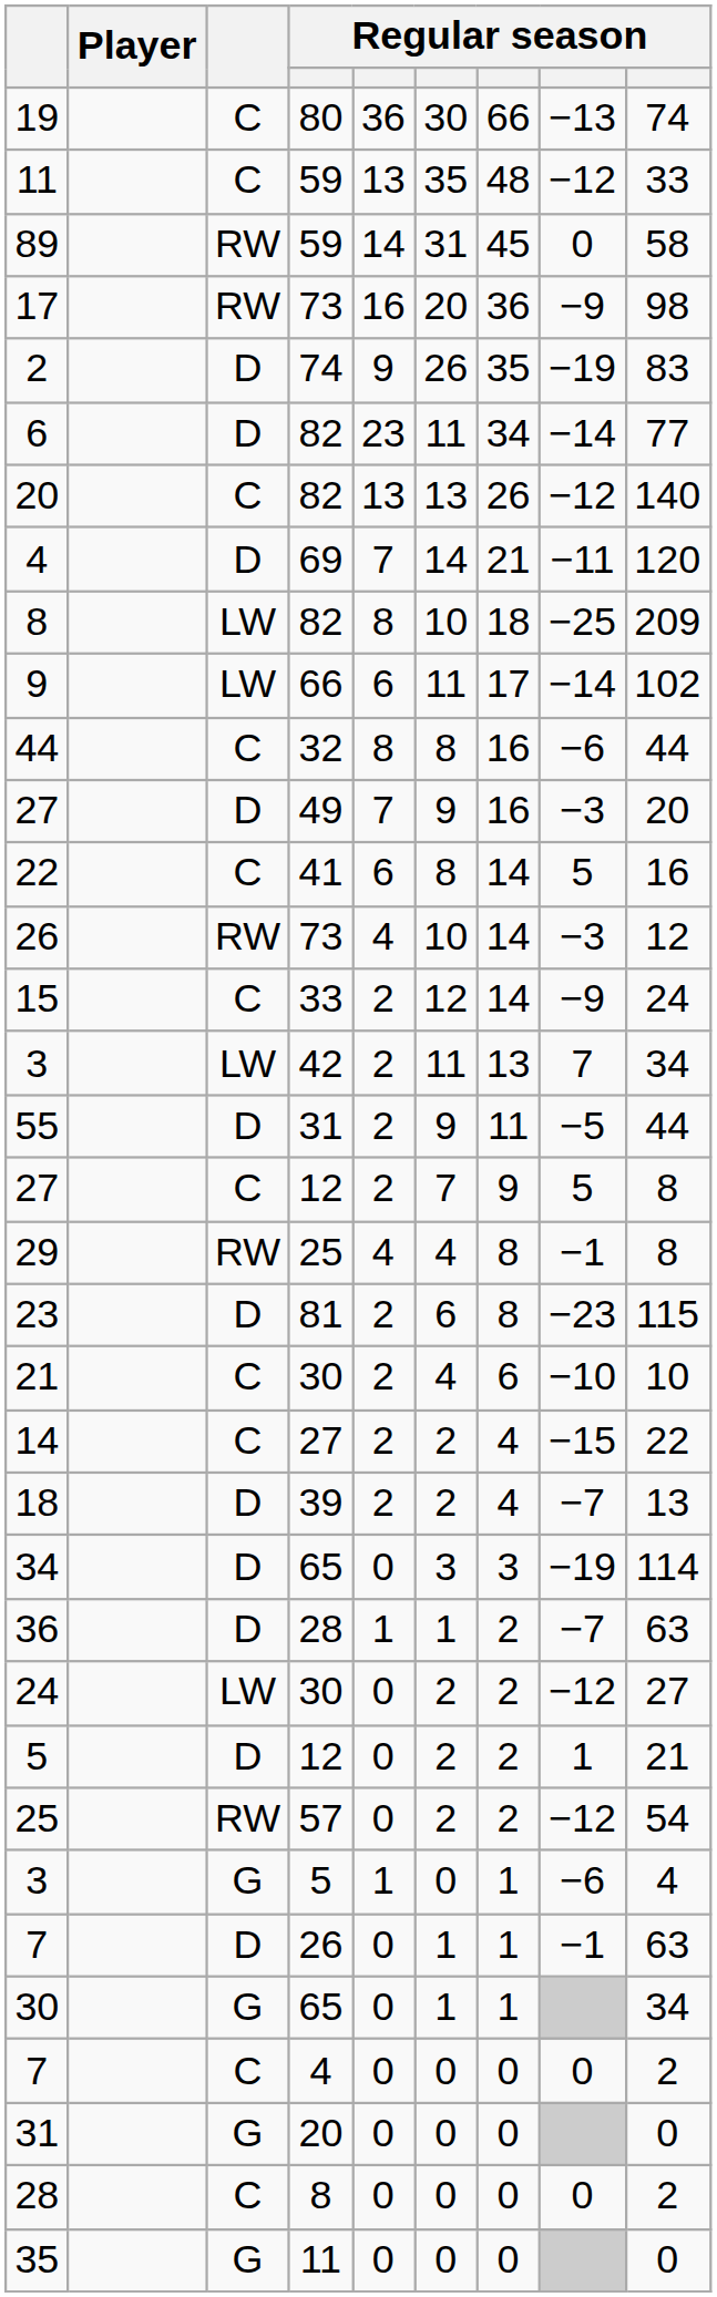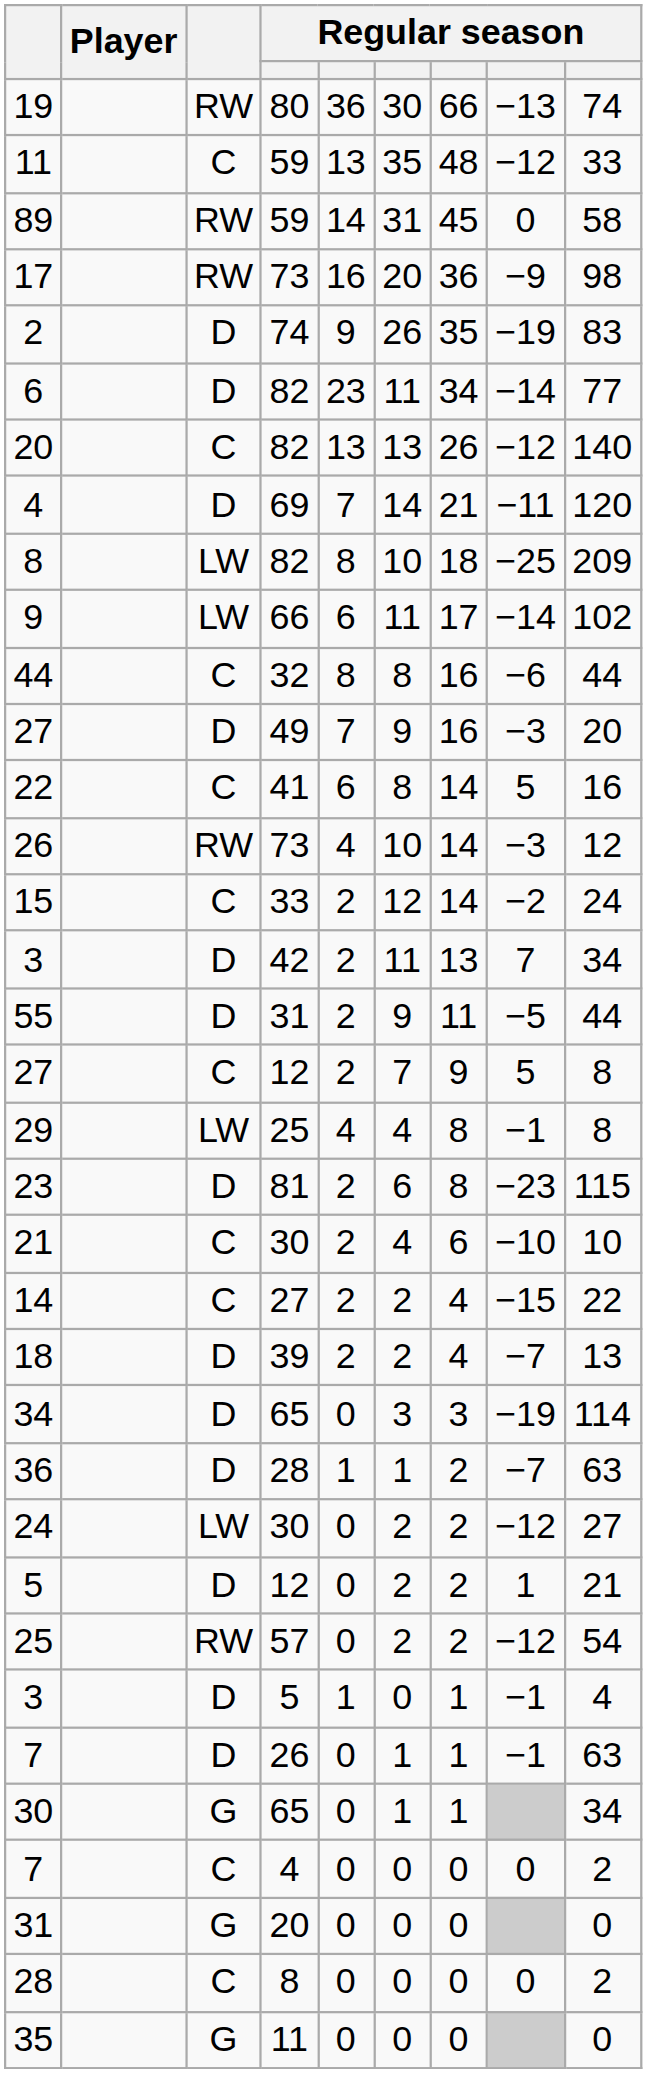 <table class="wikitable sortable plainrowheaders" style="text-align:center;">
 <tr>
 <th scope="col" data-sort-type="number" rowspan="2"></th>
 <th scope="col" rowspan="2">Player</th>
 <th scope="col" rowspan="2"></th>
 <th scope=colgroup colspan=6>Regular season</th>
 </tr>
 <tr>
 <th scope="col" data-sort-type="number"></th>
 <th scope="col" data-sort-type="number"></th>
 <th scope="col" data-sort-type="number"></th>
 <th scope="col" data-sort-type="number"></th>
 <th scope="col" data-sort-type="number"></th>
 <th scope="col" data-sort-type="number"></th>
 </tr>
 <tr>
 <td scope="row">19</td>
 <td align="left"></td>
-<td>C</td>
+<td>RW</td>
 <td>80</td>
 <td>36</td>
 <td>30</td>
 <td>66</td>
 <td>−13</td>
 <td>74</td>
 </tr>
 <tr>
 <td scope="row">11</td>
 <td align="left"></td>
 <td>C</td>
 <td>59</td>
 <td>13</td>
 <td>35</td>
 <td>48</td>
 <td>−12</td>
 <td>33</td>
 </tr>
 <tr>
 <td scope="row">89</td>
 <td align="left"></td>
 <td>RW</td>
 <td>59</td>
 <td>14</td>
 <td>31</td>
 <td>45</td>
 <td>0</td>
 <td>58</td>
 </tr>
 <tr>
 <td scope="row">17</td>
 <td align="left"></td>
 <td>RW</td>
 <td>73</td>
 <td>16</td>
 <td>20</td>
 <td>36</td>
 <td>−9</td>
 <td>98</td>
 </tr>
 <tr>
 <td scope="row">2</td>
 <td align="left"></td>
 <td>D</td>
 <td>74</td>
 <td>9</td>
 <td>26</td>
 <td>35</td>
 <td>−19</td>
 <td>83</td>
 </tr>
 <tr>
 <td scope="row">6</td>
 <td align="left"></td>
 <td>D</td>
 <td>82</td>
 <td>23</td>
 <td>11</td>
 <td>34</td>
 <td>−14</td>
 <td>77</td>
 </tr>
 <tr>
 <td scope="row">20</td>
 <td align="left"></td>
 <td>C</td>
 <td>82</td>
 <td>13</td>
 <td>13</td>
 <td>26</td>
 <td>−12</td>
 <td>140</td>
 </tr>
 <tr>
 <td scope="row">4</td>
 <td align="left"></td>
 <td>D</td>
 <td>69</td>
 <td>7</td>
 <td>14</td>
 <td>21</td>
 <td>−11</td>
 <td>120</td>
 </tr>
 <tr>
 <td scope="row">8</td>
 <td align="left"></td>
 <td>LW</td>
 <td>82</td>
 <td>8</td>
 <td>10</td>
 <td>18</td>
 <td>−25</td>
 <td>209</td>
 </tr>
 <tr>
 <td scope="row">9</td>
 <td align="left"></td>
 <td>LW</td>
 <td>66</td>
 <td>6</td>
 <td>11</td>
 <td>17</td>
 <td>−14</td>
 <td>102</td>
 </tr>
 <tr>
 <td scope="row">44</td>
 <td align="left"></td>
 <td>C</td>
 <td>32</td>
 <td>8</td>
 <td>8</td>
 <td>16</td>
 <td>−6</td>
 <td>44</td>
 </tr>
 <tr>
 <td scope="row">27</td>
 <td align="left"></td>
 <td>D</td>
 <td>49</td>
 <td>7</td>
 <td>9</td>
 <td>16</td>
 <td>−3</td>
 <td>20</td>
 </tr>
 <tr>
 <td scope="row">22</td>
 <td align="left"></td>
 <td>C</td>
 <td>41</td>
 <td>6</td>
 <td>8</td>
 <td>14</td>
 <td>5</td>
 <td>16</td>
 </tr>
 <tr>
 <td scope="row">26</td>
 <td align="left"></td>
 <td>RW</td>
 <td>73</td>
 <td>4</td>
 <td>10</td>
 <td>14</td>
 <td>−3</td>
 <td>12</td>
 </tr>
 <tr>
 <td scope="row">15</td>
 <td align="left"></td>
 <td>C</td>
 <td>33</td>
 <td>2</td>
 <td>12</td>
 <td>14</td>
-<td>−9</td>
+<td>−2</td>
 <td>24</td>
 </tr>
 <tr>
 <td scope="row">3</td>
 <td align="left"></td>
-<td>LW</td>
+<td>D</td>
 <td>42</td>
 <td>2</td>
 <td>11</td>
 <td>13</td>
 <td>7</td>
 <td>34</td>
 </tr>
 <tr>
 <td scope="row">55</td>
 <td align="left"></td>
 <td>D</td>
 <td>31</td>
 <td>2</td>
 <td>9</td>
 <td>11</td>
 <td>−5</td>
 <td>44</td>
 </tr>
 <tr>
 <td scope="row">27</td>
 <td align="left"></td>
 <td>C</td>
 <td>12</td>
 <td>2</td>
 <td>7</td>
 <td>9</td>
 <td>5</td>
 <td>8</td>
 </tr>
 <tr>
 <td scope="row">29</td>
 <td align="left"></td>
-<td>RW</td>
+<td>LW</td>
 <td>25</td>
 <td>4</td>
 <td>4</td>
 <td>8</td>
 <td>−1</td>
 <td>8</td>
 </tr>
 <tr>
 <td scope="row">23</td>
 <td align="left"></td>
 <td>D</td>
 <td>81</td>
 <td>2</td>
 <td>6</td>
 <td>8</td>
 <td>−23</td>
 <td>115</td>
 </tr>
 <tr>
 <td scope="row">21</td>
 <td align="left"></td>
 <td>C</td>
 <td>30</td>
 <td>2</td>
 <td>4</td>
 <td>6</td>
 <td>−10</td>
 <td>10</td>
 </tr>
 <tr>
 <td scope="row">14</td>
 <td align="left"></td>
 <td>C</td>
 <td>27</td>
 <td>2</td>
 <td>2</td>
 <td>4</td>
 <td>−15</td>
 <td>22</td>
 </tr>
 <tr>
 <td scope="row">18</td>
 <td align="left"></td>
 <td>D</td>
 <td>39</td>
 <td>2</td>
 <td>2</td>
 <td>4</td>
 <td>−7</td>
 <td>13</td>
 </tr>
 <tr>
 <td scope="row">34</td>
 <td align="left"></td>
 <td>D</td>
 <td>65</td>
 <td>0</td>
 <td>3</td>
 <td>3</td>
 <td>−19</td>
 <td>114</td>
 </tr>
 <tr>
 <td scope="row">36</td>
 <td align="left"></td>
 <td>D</td>
 <td>28</td>
 <td>1</td>
 <td>1</td>
 <td>2</td>
 <td>−7</td>
 <td>63</td>
 </tr>
 <tr>
 <td scope="row">24</td>
 <td align="left"></td>
 <td>LW</td>
 <td>30</td>
 <td>0</td>
 <td>2</td>
 <td>2</td>
 <td>−12</td>
 <td>27</td>
 </tr>
 <tr>
 <td scope="row">5</td>
 <td align="left"></td>
 <td>D</td>
 <td>12</td>
 <td>0</td>
 <td>2</td>
 <td>2</td>
 <td>1</td>
 <td>21</td>
 </tr>
 <tr>
 <td scope="row">25</td>
 <td align="left"></td>
 <td>RW</td>
 <td>57</td>
 <td>0</td>
 <td>2</td>
 <td>2</td>
 <td>−12</td>
 <td>54</td>
 </tr>
 <tr>
 <td scope="row">3</td>
 <td align="left"></td>
-<td>G</td>
+<td>D</td>
 <td>5</td>
 <td>1</td>
 <td>0</td>
 <td>1</td>
-<td>−6</td>
+<td>−1</td>
 <td>4</td>
 </tr>
 <tr>
 <td scope="row">7</td>
 <td align="left"></td>
 <td>D</td>
 <td>26</td>
 <td>0</td>
 <td>1</td>
 <td>1</td>
 <td>−1</td>
 <td>63</td>
 </tr>
 <tr>
 <td scope="row">30</td>
 <td align="left"></td>
 <td>G</td>
 <td>65</td>
 <td>0</td>
 <td>1</td>
 <td>1</td>
 <td style="background:#ccc"></td>
 <td>34</td>
 </tr>
 <tr>
 <td scope="row">7</td>
 <td align="left"></td>
 <td>C</td>
 <td>4</td>
 <td>0</td>
 <td>0</td>
 <td>0</td>
 <td>0</td>
 <td>2</td>
 </tr>
 <tr>
 <td scope="row">31</td>
 <td align="left"></td>
 <td>G</td>
 <td>20</td>
 <td>0</td>
 <td>0</td>
 <td>0</td>
 <td style="background:#ccc"></td>
 <td>0</td>
 </tr>
 <tr>
 <td scope="row">28</td>
 <td align="left"></td>
 <td>C</td>
 <td>8</td>
 <td>0</td>
 <td>0</td>
 <td>0</td>
 <td>0</td>
 <td>2</td>
 </tr>
 <tr>
 <td scope="row">35</td>
 <td align="left"></td>
 <td>G</td>
 <td>11</td>
 <td>0</td>
 <td>0</td>
 <td>0</td>
 <td style="background:#ccc"></td>
 <td>0</td>
 </tr>
 </table>
